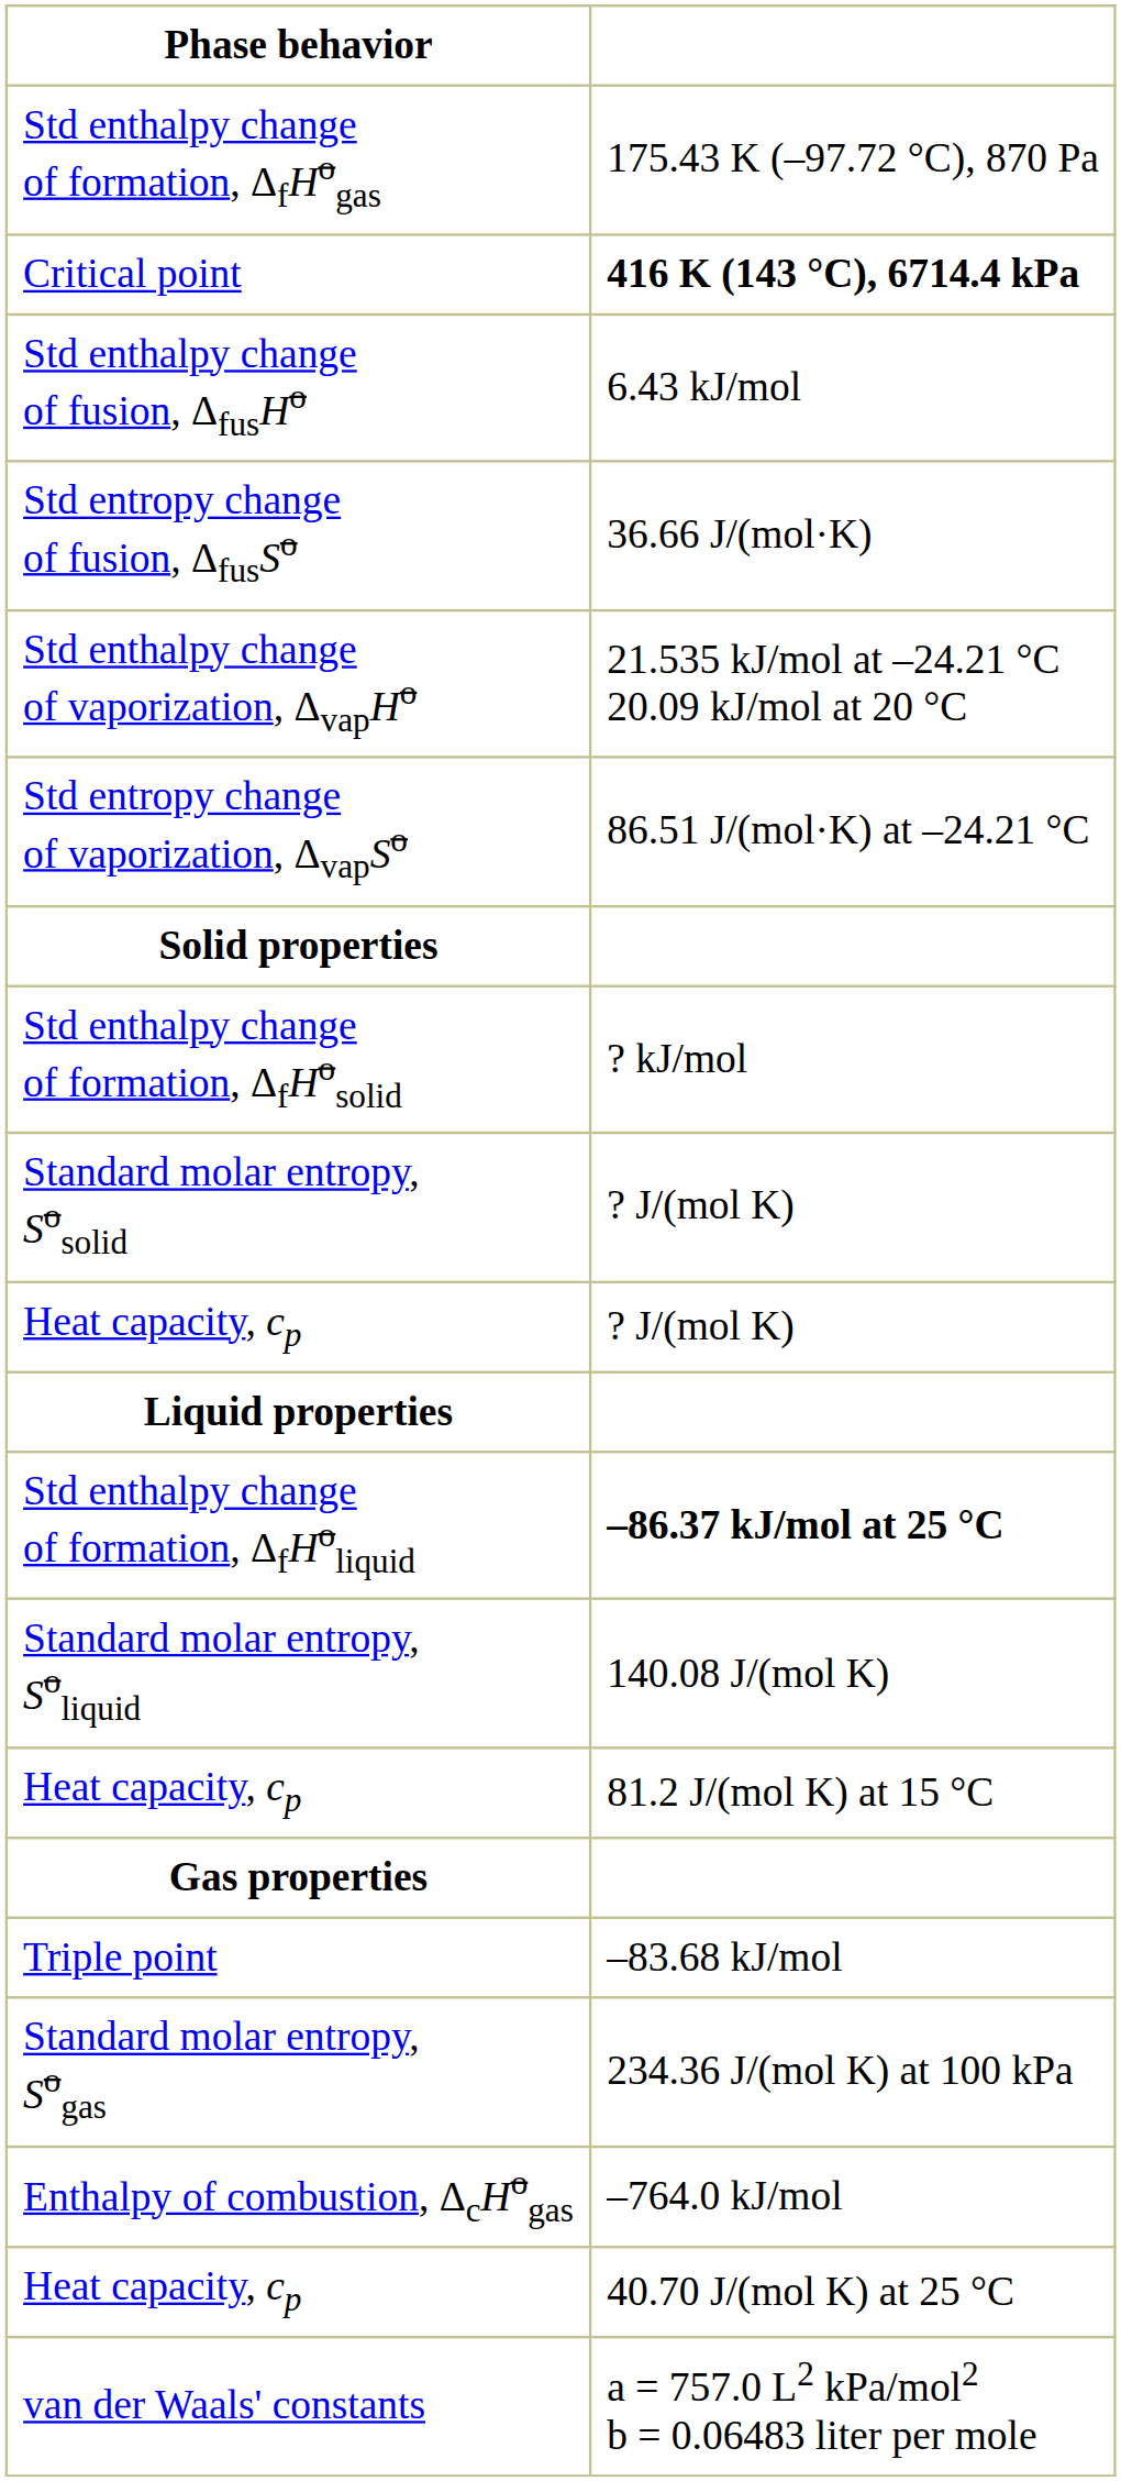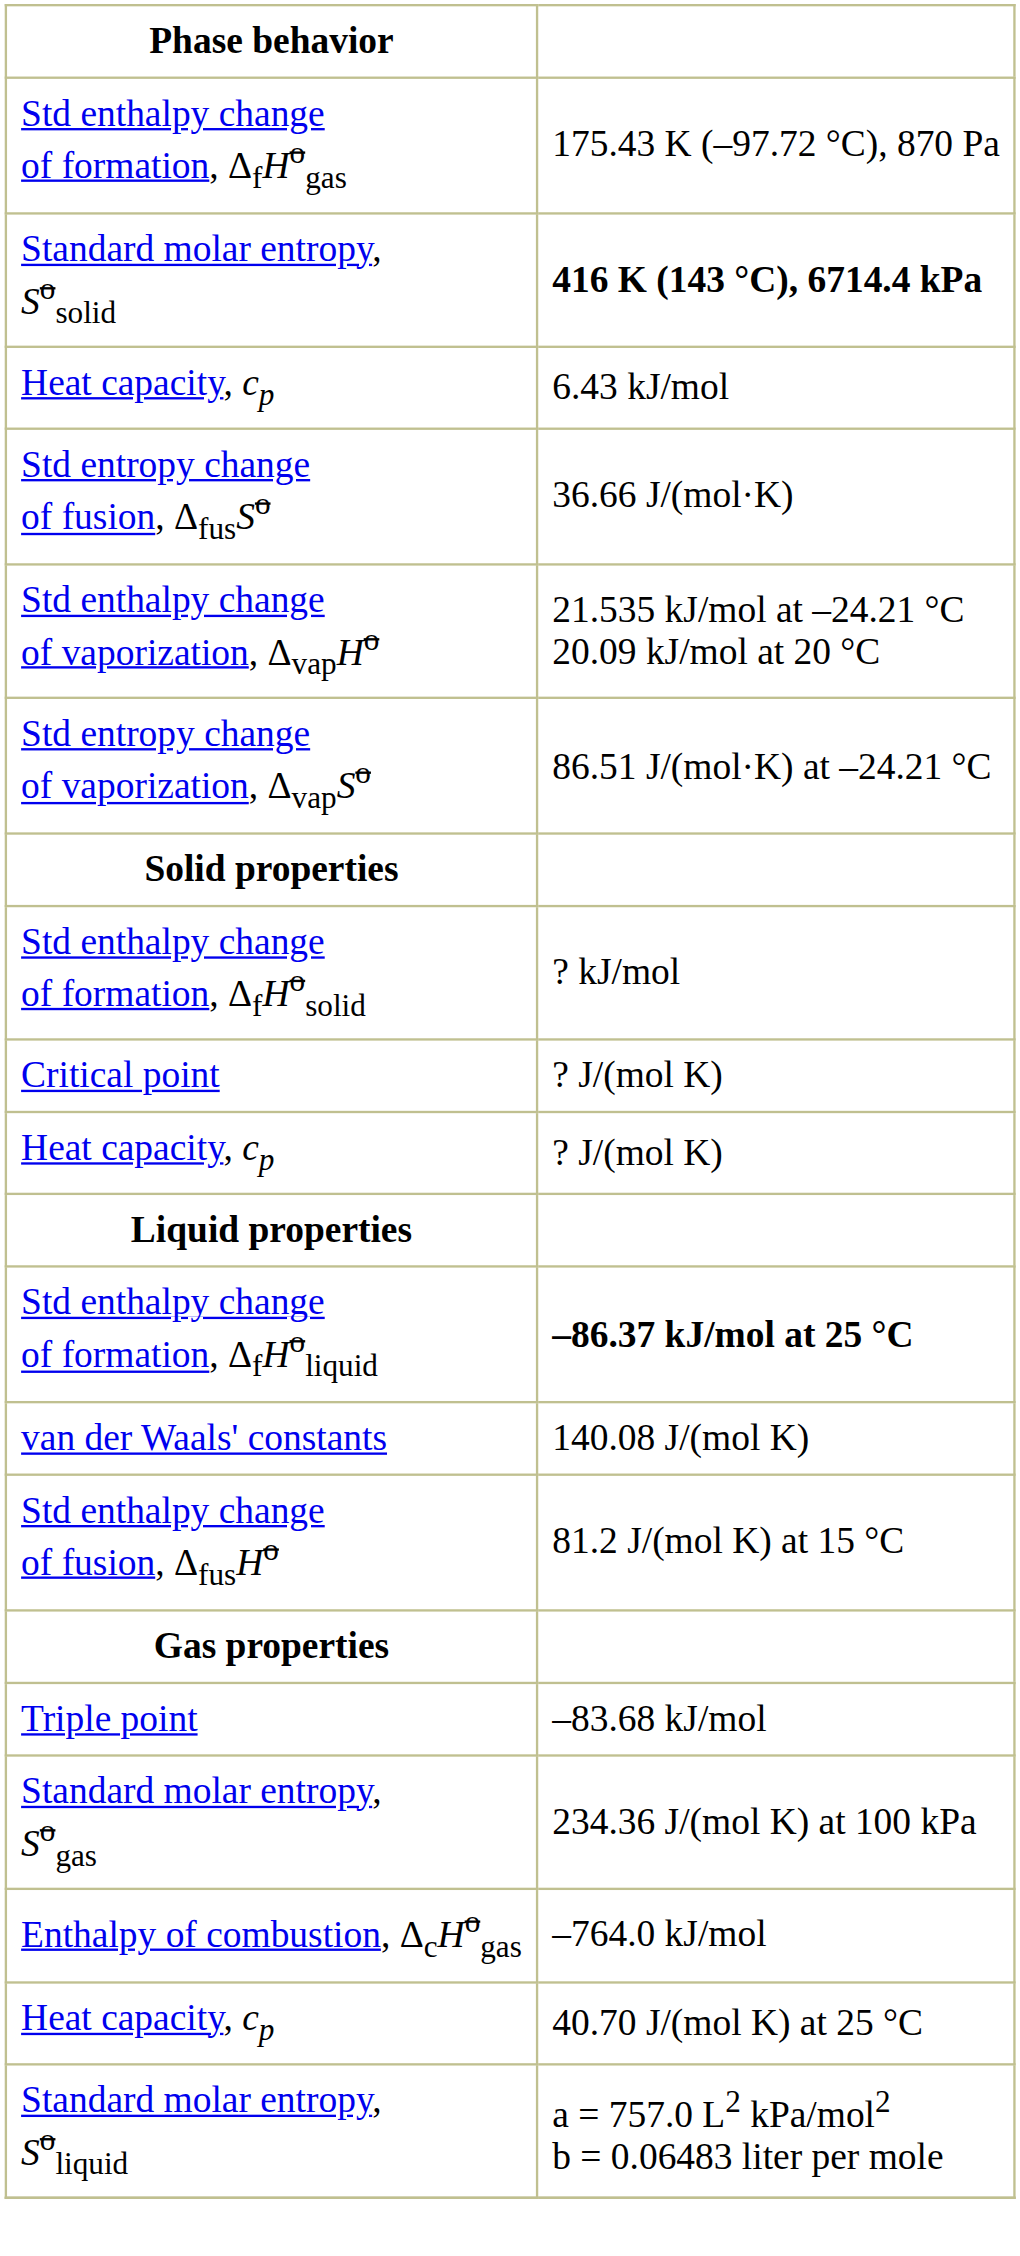 <table border="1" cellspacing="0" cellpadding="6" style="margin: 0 0 0 0.5em; background: #FFFFFF; border-collapse: collapse; border-color: #C0C090;">
 <tr>
 <th>Phase behavior</th>
 </tr>
 <tr>
 <td><a href='#'>Std enthalpy change<br>of formation</a>, Δ<sub>f</sub><em>H</em><sup><s>o</s></sup><sub>gas</sub></td>
 <td>175.43 K (–97.72 °C), 870 Pa</td>
 </tr>
 <tr>
-<td><a href='#'>Critical point</a></td>
+<td><a href='#'>Standard molar entropy</a>,<br><em>S</em><sup><s>o</s></sup><sub>solid</sub></td>
 <td><strong>416 K (143 °C), 6714.4 kPa</strong></td>
 </tr>
 <tr>
-<td><a href='#'>Std enthalpy change<br>of fusion</a>, Δ<sub>fus</sub><em>H</em><sup><s>o</s></sup></td>
+<td><a href='#'>Heat capacity</a>, <em>c<sub>p</sub></em></td>
 <td>6.43 kJ/mol</td>
 </tr>
 <tr>
 <td><a href='#'>Std entropy change<br>of fusion</a>, Δ<sub>fus</sub><em>S</em><sup><s>o</s></sup></td>
 <td>36.66 J/(mol·K)</td>
 </tr>
 <tr>
 <td><a href='#'>Std enthalpy change<br>of vaporization</a>, Δ<sub>vap</sub><em>H</em><sup><s>o</s></sup></td>
 <td>21.535 kJ/mol at –24.21 °C<br>20.09 kJ/mol at 20 °C</td>
 </tr>
 <tr>
 <td><a href='#'>Std entropy change<br>of vaporization</a>, Δ<sub>vap</sub><em>S</em><sup><s>o</s></sup></td>
 <td>86.51 J/(mol·K) at –24.21 °C</td>
 </tr>
 <tr>
 <th>Solid properties</th>
 </tr>
 <tr>
 <td><a href='#'>Std enthalpy change<br>of formation</a>, Δ<sub>f</sub><em>H</em><sup><s>o</s></sup><sub>solid</sub></td>
 <td>? kJ/mol</td>
 </tr>
 <tr>
-<td><a href='#'>Standard molar entropy</a>,<br><em>S</em><sup><s>o</s></sup><sub>solid</sub></td>
+<td><a href='#'>Critical point</a></td>
 <td>? J/(mol K)</td>
 </tr>
 <tr>
 <td><a href='#'>Heat capacity</a>, <em>c<sub>p</sub></em></td>
 <td>? J/(mol K)</td>
 </tr>
 <tr>
 <th>Liquid properties</th>
 </tr>
 <tr>
 <td><a href='#'>Std enthalpy change<br>of formation</a>, Δ<sub>f</sub><em>H</em><sup><s>o</s></sup><sub>liquid</sub></td>
 <td><strong>–86.37 kJ/mol at 25 °C</strong></td>
 </tr>
 <tr>
-<td><a href='#'>Standard molar entropy</a>,<br><em>S</em><sup><s>o</s></sup><sub>liquid</sub></td>
+<td><a href='#'>van der Waals' constants</a></td>
 <td>140.08 J/(mol K)</td>
 </tr>
 <tr>
-<td><a href='#'>Heat capacity</a>, <em>c<sub>p</sub></em></td>
+<td><a href='#'>Std enthalpy change<br>of fusion</a>, Δ<sub>fus</sub><em>H</em><sup><s>o</s></sup></td>
 <td>81.2 J/(mol K) at 15 °C</td>
 </tr>
 <tr>
 <th>Gas properties</th>
 </tr>
 <tr>
 <td><a href='#'>Triple point</a></td>
 <td>–83.68 kJ/mol</td>
 </tr>
 <tr>
 <td><a href='#'>Standard molar entropy</a>,<br><em>S</em><sup><s>o</s></sup><sub>gas</sub></td>
 <td>234.36 J/(mol K) at 100 kPa</td>
 </tr>
 <tr>
 <td><a href='#'>Enthalpy of combustion</a>, Δ<sub>c</sub><em>H</em><sup><s>o</s></sup><sub>gas</sub></td>
 <td>–764.0 kJ/mol</td>
 </tr>
 <tr>
 <td><a href='#'>Heat capacity</a>, <em>c<sub>p</sub></em></td>
 <td>40.70 J/(mol K) at 25 °C</td>
 </tr>
 <tr>
-<td><a href='#'>van der Waals' constants</a></td>
+<td><a href='#'>Standard molar entropy</a>,<br><em>S</em><sup><s>o</s></sup><sub>liquid</sub></td>
 <td>a = 757.0 L<sup>2</sup> kPa/mol<sup>2</sup><br> b = 0.06483 liter per mole</td>
 </tr>
 <tr>
 </tr>
 </table>
